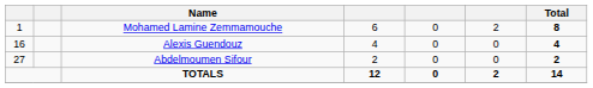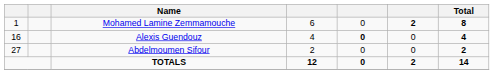 <table class="wikitable sortable alternance"  style="font-size:85%; text-align:center; line-height:14px; width:60%;">
 <tr>
 <th width=15></th>
 <th width=15></th>
 <th width=210>Name</th>
 <th width=40></th>
 <th width=40></th>
 <th width=40></th>
 <th width=40>Total</th>
 </tr>
 <tr>
 <td>1</td>
 <td></td>
 <td><a href='#'>Mohamed Lamine Zemmamouche</a></td>
 <td>6</td>
 <td>0</td>
-<td>2</td>
+<td><strong>2</strong></td>
 <td><strong>8</strong></td>
 </tr>
 <tr>
 <td>16</td>
 <td></td>
 <td><a href='#'>Alexis Guendouz</a></td>
 <td>4</td>
-<td>0</td>
+<td><strong>0</strong></td>
 <td>0</td>
 <td><strong>4</strong></td>
 </tr>
 <tr>
 <td>27</td>
 <td></td>
 <td><a href='#'>Abdelmoumen Sifour</a></td>
 <td>2</td>
 <td>0</td>
 <td>0</td>
 <td><strong>2</strong></td>
 </tr>
 <tr>
 <td colspan="2"></td>
 <td><strong>TOTALS</strong></td>
 <td><strong>12</strong></td>
 <td><strong>0</strong></td>
 <td><strong>2</strong></td>
 <td><strong>14</strong></td>
 </tr>
 <tr>
 </tr>
 </table>
